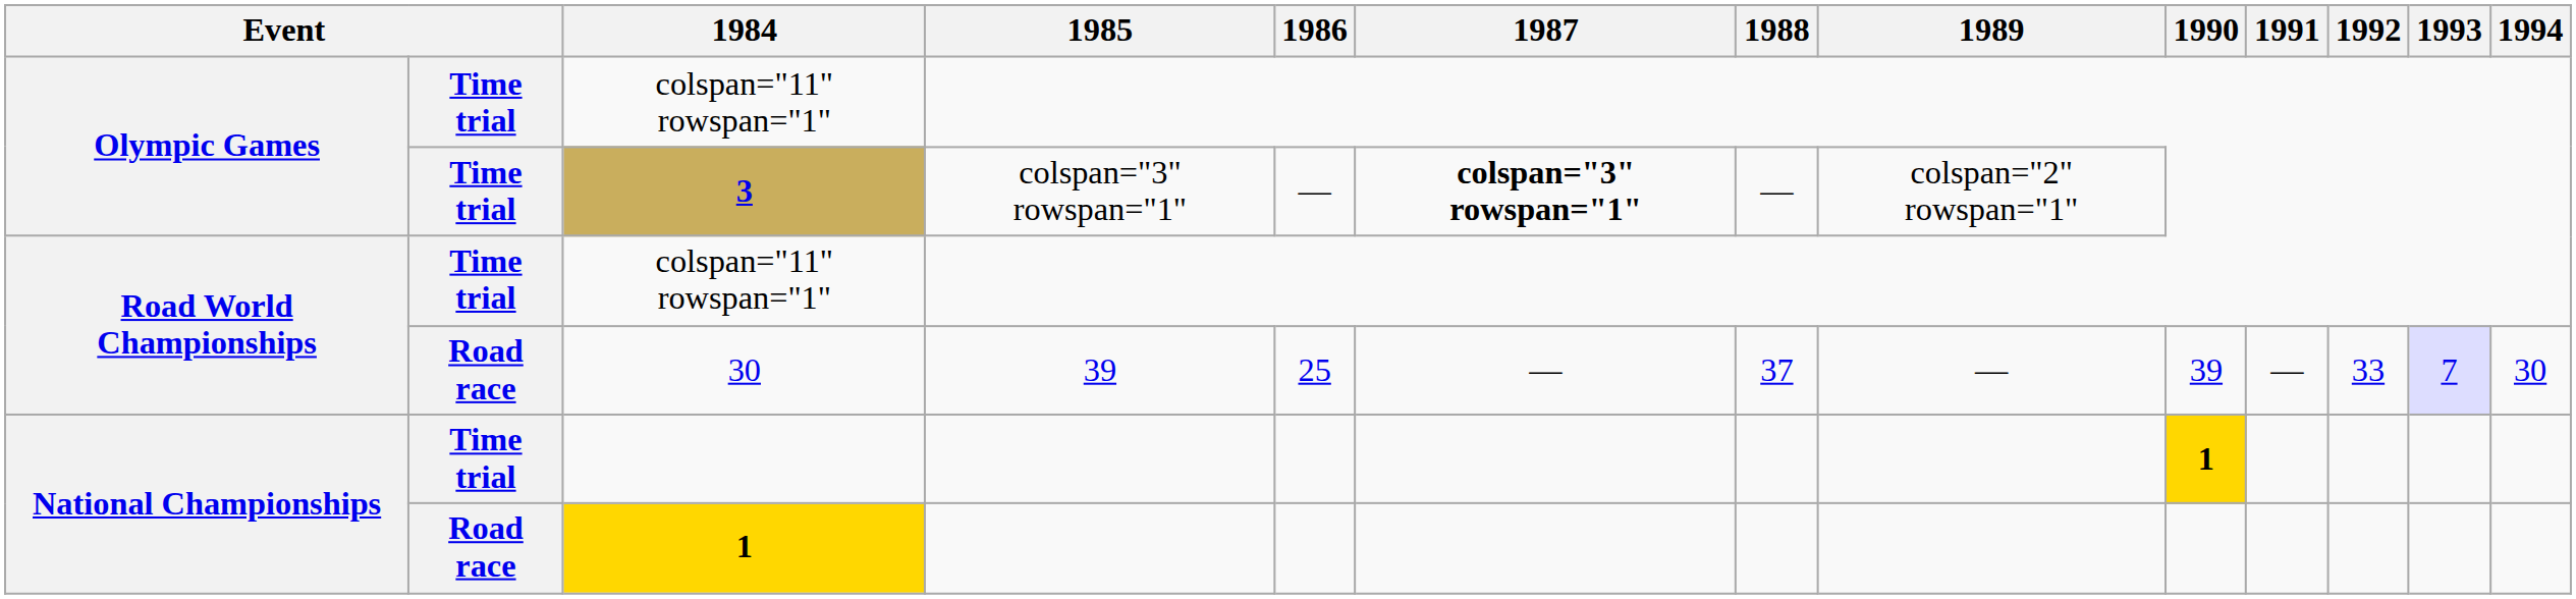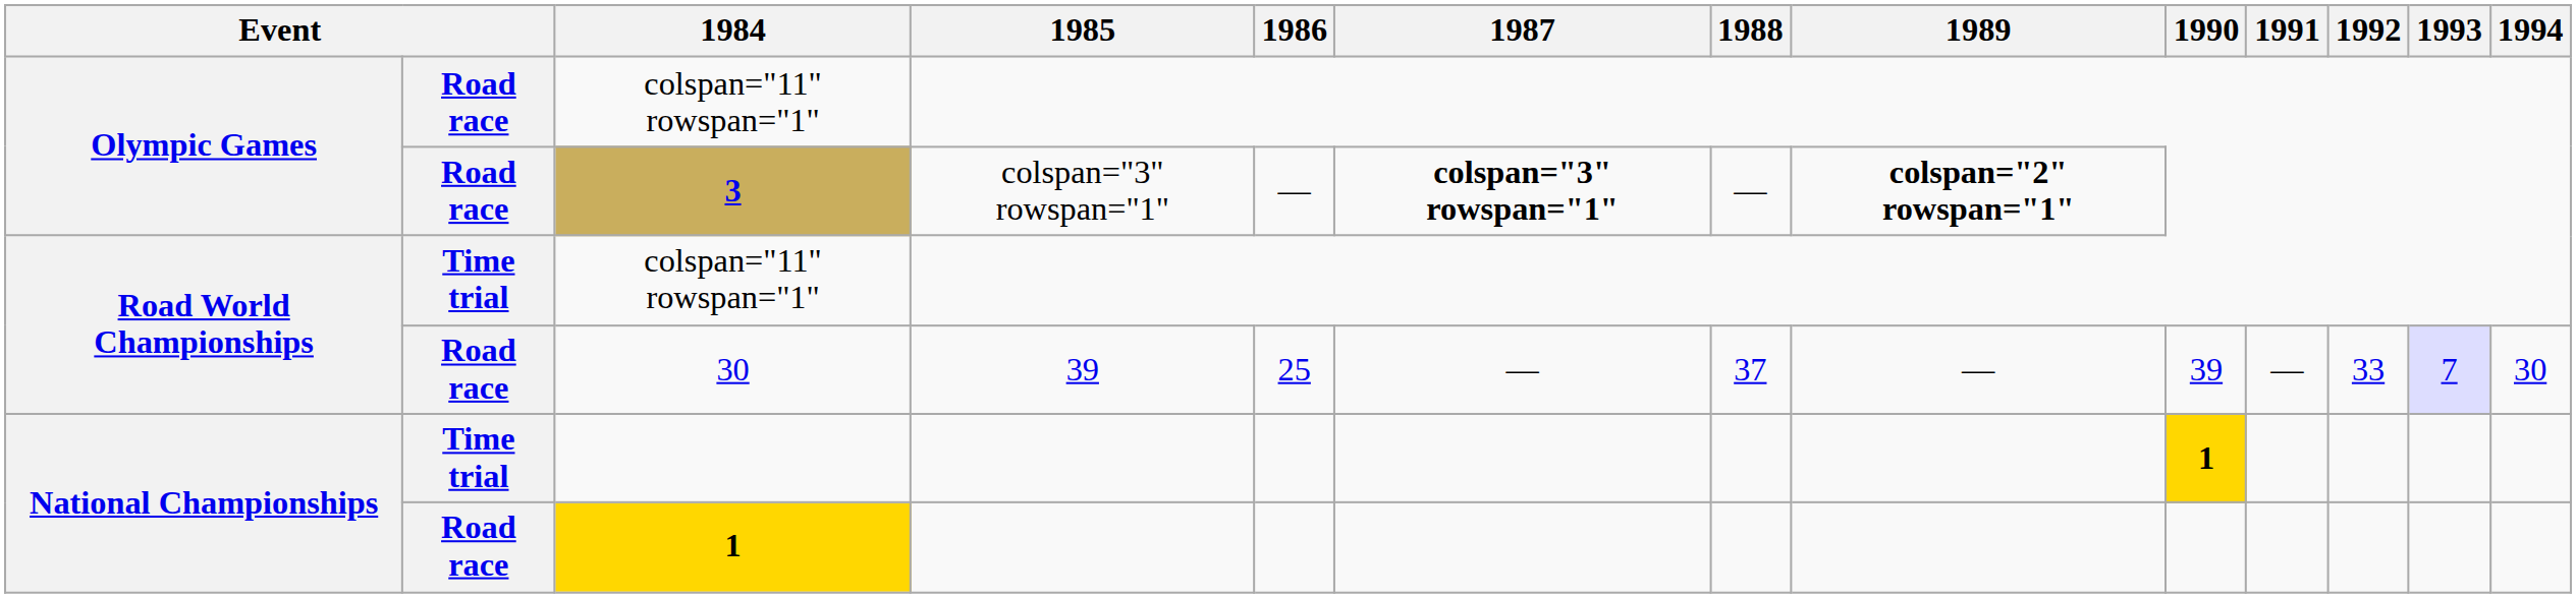 <table class="wikitable plainrowheaders">
 <tr>
 <th colspan="2" scope="col">Event</th>
 <th scope="col">1984</th>
 <th scope="col">1985</th>
 <th scope="col">1986</th>
 <th scope="col">1987</th>
 <th scope="col">1988</th>
 <th scope="col">1989</th>
 <th scope="col">1990</th>
 <th scope="col">1991</th>
 <th scope="col">1992</th>
 <th scope="col">1993</th>
 <th scope="col">1994</th>
 </tr>
 <tr style="text-align:center;">
 <th rowspan="2" scope="row"> <a href='#'>Olympic Games</a></th>
-<th scope="row"><a href='#'>Time trial</a></th>
+<th scope="row"><a href='#'>Road race</a></th>
 <td>colspan="11" rowspan="1" </td>
 </tr>
 <tr style="text-align:center;">
-<th scope="row"><a href='#'>Time trial</a></th>
+<th scope="row"><a href='#'>Road race</a></th>
 <td style="background:#C9AE5D;"><a href='#'><strong>3</strong></a></td>
 <td>colspan="3" rowspan="1" </td>
 <td>—</td>
 <td><strong>colspan="3" rowspan="1" </strong></td>
 <td>—</td>
-<td>colspan="2" rowspan="1" </td>
+<td><strong>colspan="2" rowspan="1" </strong></td>
 </tr>
 <tr style="text-align:center;">
 <th rowspan="2" scope="row"> <a href='#'>Road World Championships</a></th>
 <th scope="row"><a href='#'>Time trial</a></th>
 <td>colspan="11" rowspan="1" </td>
 </tr>
 <tr style="text-align:center;">
 <th scope="row"><a href='#'>Road race</a></th>
 <td><a href='#'>30</a></td>
 <td><a href='#'>39</a></td>
 <td><a href='#'>25</a></td>
 <td>—</td>
 <td><a href='#'>37</a></td>
 <td>—</td>
 <td><a href='#'>39</a></td>
 <td>—</td>
 <td><a href='#'>33</a></td>
 <td style="background:#ddf;"><a href='#'>7</a></td>
 <td><a href='#'>30</a></td>
 </tr>
 <tr style="text-align:center;">
 <th rowspan="2" scope="row"> <a href='#'>National Championships</a></th>
 <th scope="row"><a href='#'>Time trial</a></th>
 <td></td>
 <td></td>
 <td></td>
 <td></td>
 <td></td>
 <td></td>
 <th style="background:gold;">1</th>
 <td></td>
 <td></td>
 <td></td>
 <td></td>
 </tr>
 <tr style="text-align:center;">
 <th scope="row"><a href='#'>Road race</a></th>
 <th style="background:gold;">1</th>
 <td></td>
 <td></td>
 <td></td>
 <td></td>
 <td></td>
 <td></td>
 <td></td>
 <td></td>
 <td></td>
 <td></td>
 </tr>
 </table>
